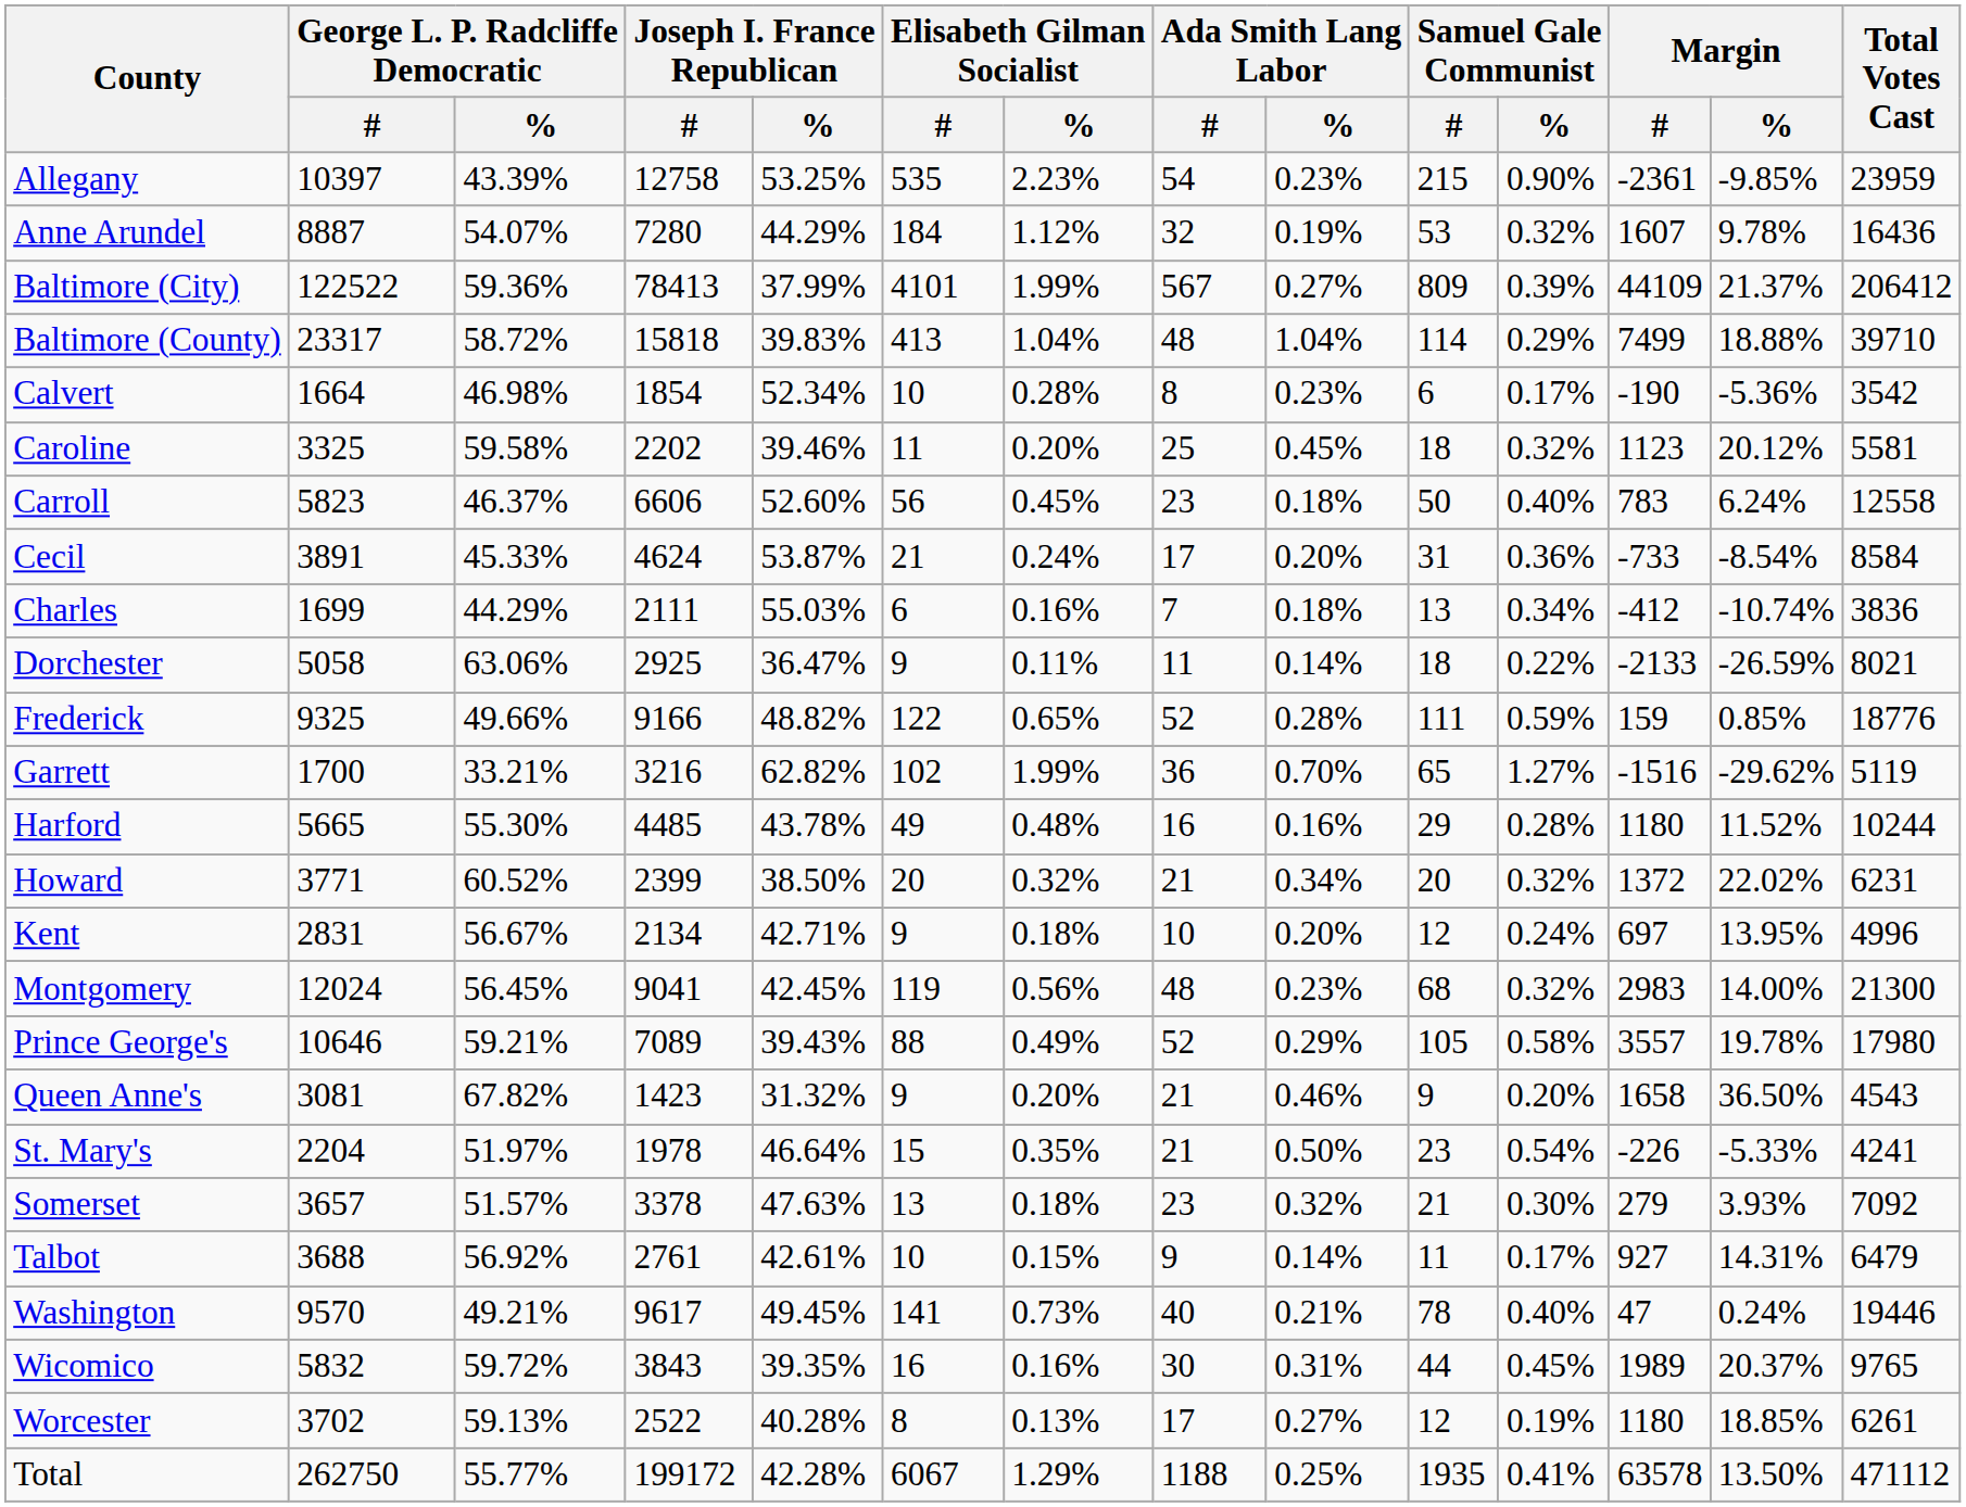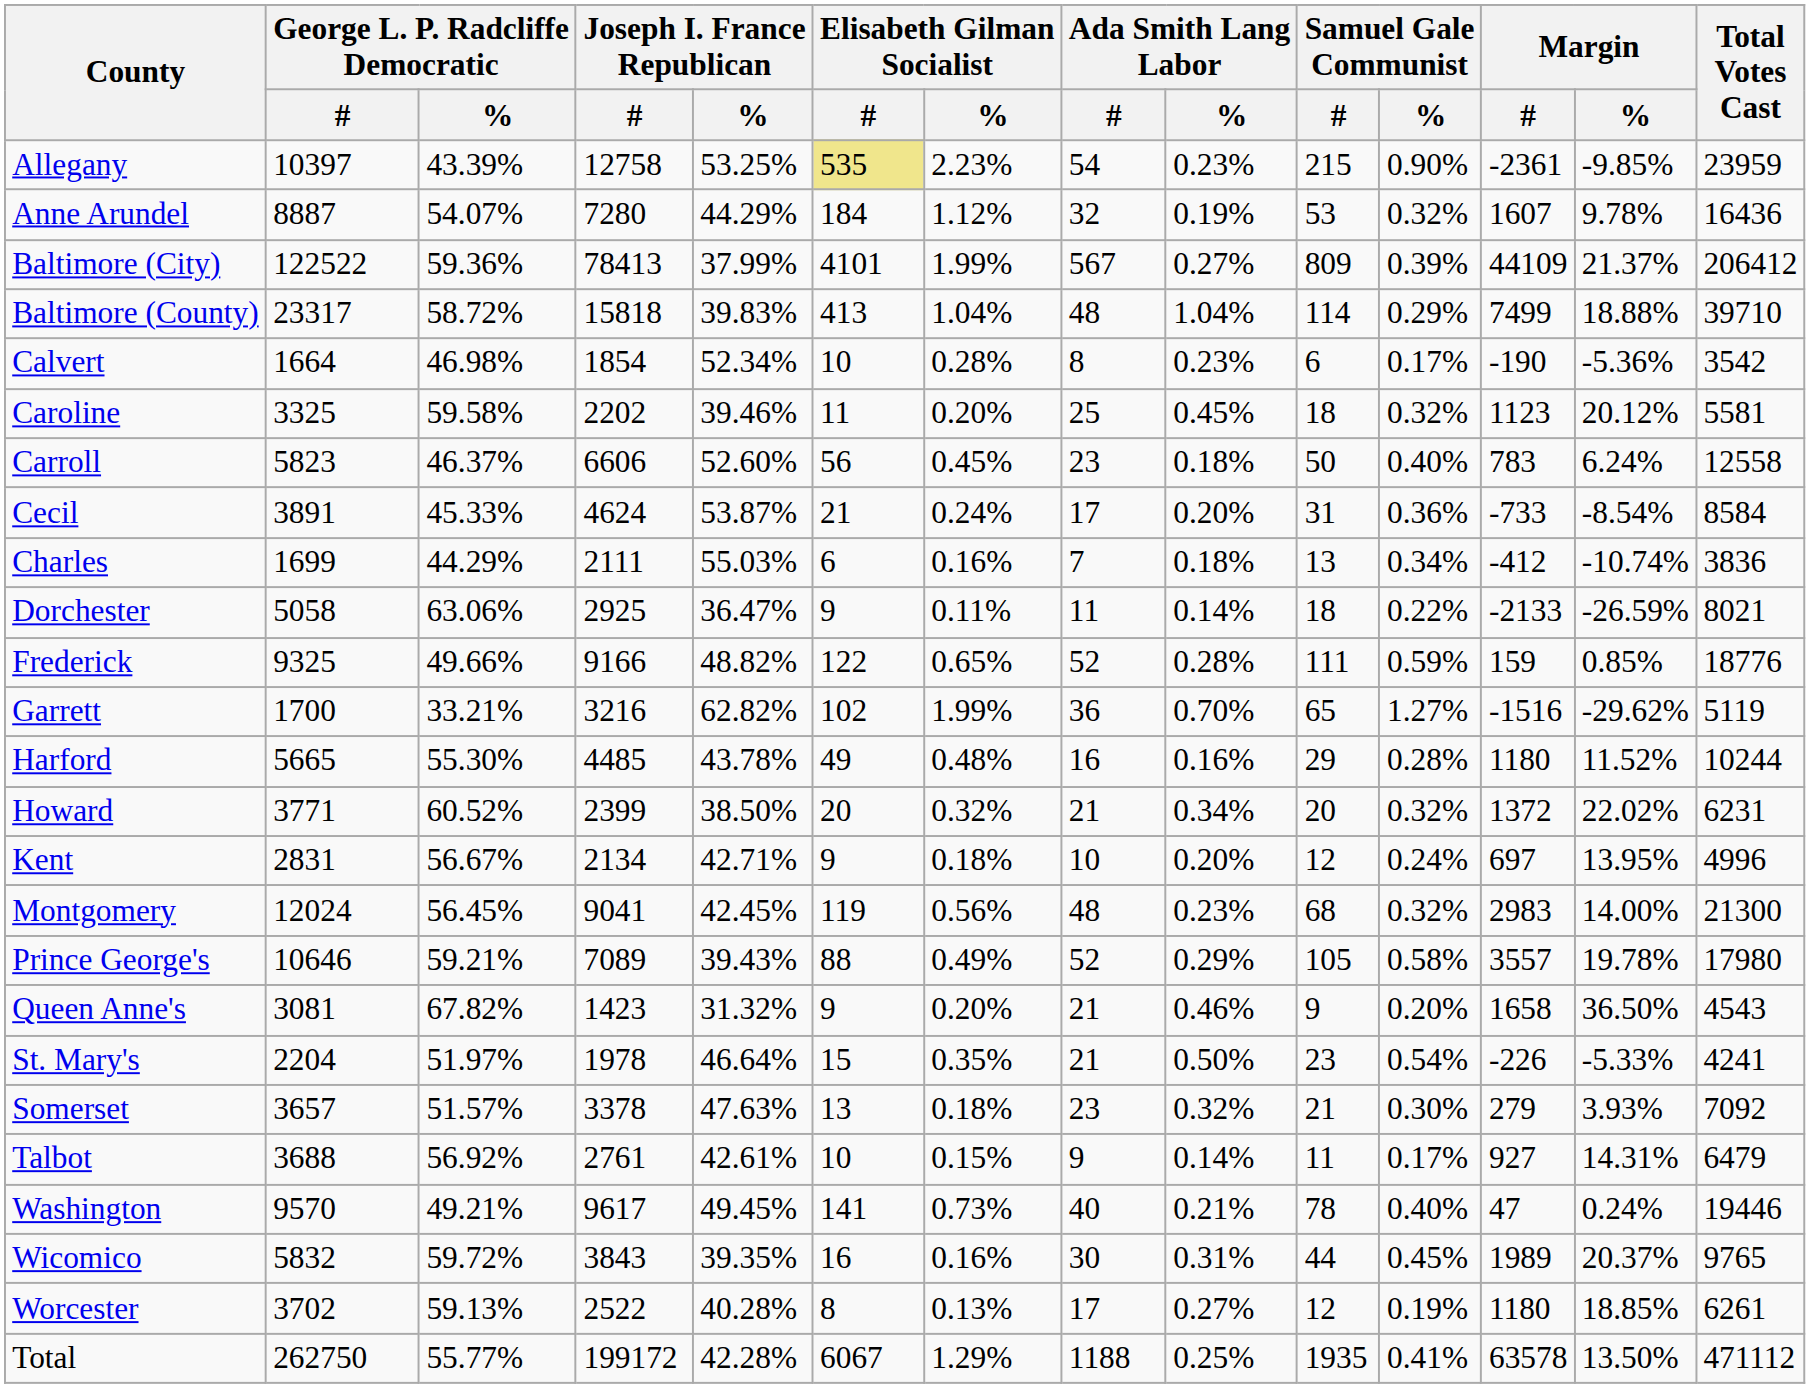 <table class="wikitable sortable">
 <tr>
 <th rowspan="2">County</th>
 <th colspan="2" >George L. P. Radcliffe<br>Democratic</th>
 <th colspan="2" >Joseph I. France<br>Republican</th>
 <th colspan="2" >Elisabeth Gilman<br>Socialist</th>
 <th colspan="2" >Ada Smith Lang<br>Labor</th>
 <th colspan="2" >Samuel Gale<br>Communist</th>
 <th colspan="2">Margin</th>
 <th rowspan="2">Total<br>Votes<br>Cast</th>
 </tr>
 <tr>
 <th>#</th>
 <th>%</th>
 <th>#</th>
 <th>%</th>
 <th>#</th>
 <th>%</th>
 <th>#</th>
 <th>%</th>
 <th>#</th>
 <th>%</th>
 <th>#</th>
 <th>%</th>
 </tr>
 <tr>
 <td><a href='#'>Allegany</a></td>
 <td>10397</td>
 <td>43.39%</td>
 <td>12758</td>
 <td>53.25%</td>
-<td>535</td>
+<td style="background: khaki;">535</td>
 <td>2.23%</td>
 <td>54</td>
 <td>0.23%</td>
 <td>215</td>
 <td>0.90%</td>
 <td>-2361</td>
 <td>-9.85%</td>
 <td>23959</td>
 </tr>
 <tr>
 <td><a href='#'>Anne Arundel</a></td>
 <td>8887</td>
 <td>54.07%</td>
 <td>7280</td>
 <td>44.29%</td>
 <td>184</td>
 <td>1.12%</td>
 <td>32</td>
 <td>0.19%</td>
 <td>53</td>
 <td>0.32%</td>
 <td>1607</td>
 <td>9.78%</td>
 <td>16436</td>
 </tr>
 <tr>
 <td><a href='#'>Baltimore (City)</a></td>
 <td>122522</td>
 <td>59.36%</td>
 <td>78413</td>
 <td>37.99%</td>
 <td>4101</td>
 <td>1.99%</td>
 <td>567</td>
 <td>0.27%</td>
 <td>809</td>
 <td>0.39%</td>
 <td>44109</td>
 <td>21.37%</td>
 <td>206412</td>
 </tr>
 <tr>
 <td><a href='#'>Baltimore (County)</a></td>
 <td>23317</td>
 <td>58.72%</td>
 <td>15818</td>
 <td>39.83%</td>
 <td>413</td>
 <td>1.04%</td>
 <td>48</td>
 <td>1.04%</td>
 <td>114</td>
 <td>0.29%</td>
 <td>7499</td>
 <td>18.88%</td>
 <td>39710</td>
 </tr>
 <tr>
 <td><a href='#'>Calvert</a></td>
 <td>1664</td>
 <td>46.98%</td>
 <td>1854</td>
 <td>52.34%</td>
 <td>10</td>
 <td>0.28%</td>
 <td>8</td>
 <td>0.23%</td>
 <td>6</td>
 <td>0.17%</td>
 <td>-190</td>
 <td>-5.36%</td>
 <td>3542</td>
 </tr>
 <tr>
 <td><a href='#'>Caroline</a></td>
 <td>3325</td>
 <td>59.58%</td>
 <td>2202</td>
 <td>39.46%</td>
 <td>11</td>
 <td>0.20%</td>
 <td>25</td>
 <td>0.45%</td>
 <td>18</td>
 <td>0.32%</td>
 <td>1123</td>
 <td>20.12%</td>
 <td>5581</td>
 </tr>
 <tr>
 <td><a href='#'>Carroll</a></td>
 <td>5823</td>
 <td>46.37%</td>
 <td>6606</td>
 <td>52.60%</td>
 <td>56</td>
 <td>0.45%</td>
 <td>23</td>
 <td>0.18%</td>
 <td>50</td>
 <td>0.40%</td>
 <td>783</td>
 <td>6.24%</td>
 <td>12558</td>
 </tr>
 <tr>
 <td><a href='#'>Cecil</a></td>
 <td>3891</td>
 <td>45.33%</td>
 <td>4624</td>
 <td>53.87%</td>
 <td>21</td>
 <td>0.24%</td>
 <td>17</td>
 <td>0.20%</td>
 <td>31</td>
 <td>0.36%</td>
 <td>-733</td>
 <td>-8.54%</td>
 <td>8584</td>
 </tr>
 <tr>
 <td><a href='#'>Charles</a></td>
 <td>1699</td>
 <td>44.29%</td>
 <td>2111</td>
 <td>55.03%</td>
 <td>6</td>
 <td>0.16%</td>
 <td>7</td>
 <td>0.18%</td>
 <td>13</td>
 <td>0.34%</td>
 <td>-412</td>
 <td>-10.74%</td>
 <td>3836</td>
 </tr>
 <tr>
 <td><a href='#'>Dorchester</a></td>
 <td>5058</td>
 <td>63.06%</td>
 <td>2925</td>
 <td>36.47%</td>
 <td>9</td>
 <td>0.11%</td>
 <td>11</td>
 <td>0.14%</td>
 <td>18</td>
 <td>0.22%</td>
 <td>-2133</td>
 <td>-26.59%</td>
 <td>8021</td>
 </tr>
 <tr>
 <td><a href='#'>Frederick</a></td>
 <td>9325</td>
 <td>49.66%</td>
 <td>9166</td>
 <td>48.82%</td>
 <td>122</td>
 <td>0.65%</td>
 <td>52</td>
 <td>0.28%</td>
 <td>111</td>
 <td>0.59%</td>
 <td>159</td>
 <td>0.85%</td>
 <td>18776</td>
 </tr>
 <tr>
 <td><a href='#'>Garrett</a></td>
 <td>1700</td>
 <td>33.21%</td>
 <td>3216</td>
 <td>62.82%</td>
 <td>102</td>
 <td>1.99%</td>
 <td>36</td>
 <td>0.70%</td>
 <td>65</td>
 <td>1.27%</td>
 <td>-1516</td>
 <td>-29.62%</td>
 <td>5119</td>
 </tr>
 <tr>
 <td><a href='#'>Harford</a></td>
 <td>5665</td>
 <td>55.30%</td>
 <td>4485</td>
 <td>43.78%</td>
 <td>49</td>
 <td>0.48%</td>
 <td>16</td>
 <td>0.16%</td>
 <td>29</td>
 <td>0.28%</td>
 <td>1180</td>
 <td>11.52%</td>
 <td>10244</td>
 </tr>
 <tr>
 <td><a href='#'>Howard</a></td>
 <td>3771</td>
 <td>60.52%</td>
 <td>2399</td>
 <td>38.50%</td>
 <td>20</td>
 <td>0.32%</td>
 <td>21</td>
 <td>0.34%</td>
 <td>20</td>
 <td>0.32%</td>
 <td>1372</td>
 <td>22.02%</td>
 <td>6231</td>
 </tr>
 <tr>
 <td><a href='#'>Kent</a></td>
 <td>2831</td>
 <td>56.67%</td>
 <td>2134</td>
 <td>42.71%</td>
 <td>9</td>
 <td>0.18%</td>
 <td>10</td>
 <td>0.20%</td>
 <td>12</td>
 <td>0.24%</td>
 <td>697</td>
 <td>13.95%</td>
 <td>4996</td>
 </tr>
 <tr>
 <td><a href='#'>Montgomery</a></td>
 <td>12024</td>
 <td>56.45%</td>
 <td>9041</td>
 <td>42.45%</td>
 <td>119</td>
 <td>0.56%</td>
 <td>48</td>
 <td>0.23%</td>
 <td>68</td>
 <td>0.32%</td>
 <td>2983</td>
 <td>14.00%</td>
 <td>21300</td>
 </tr>
 <tr>
 <td><a href='#'>Prince George's</a></td>
 <td>10646</td>
 <td>59.21%</td>
 <td>7089</td>
 <td>39.43%</td>
 <td>88</td>
 <td>0.49%</td>
 <td>52</td>
 <td>0.29%</td>
 <td>105</td>
 <td>0.58%</td>
 <td>3557</td>
 <td>19.78%</td>
 <td>17980</td>
 </tr>
 <tr>
 <td><a href='#'>Queen Anne's</a></td>
 <td>3081</td>
 <td>67.82%</td>
 <td>1423</td>
 <td>31.32%</td>
 <td>9</td>
 <td>0.20%</td>
 <td>21</td>
 <td>0.46%</td>
 <td>9</td>
 <td>0.20%</td>
 <td>1658</td>
 <td>36.50%</td>
 <td>4543</td>
 </tr>
 <tr>
 <td><a href='#'>St. Mary's</a></td>
 <td>2204</td>
 <td>51.97%</td>
 <td>1978</td>
 <td>46.64%</td>
 <td>15</td>
 <td>0.35%</td>
 <td>21</td>
 <td>0.50%</td>
 <td>23</td>
 <td>0.54%</td>
 <td>-226</td>
 <td>-5.33%</td>
 <td>4241</td>
 </tr>
 <tr>
 <td><a href='#'>Somerset</a></td>
 <td>3657</td>
 <td>51.57%</td>
 <td>3378</td>
 <td>47.63%</td>
 <td>13</td>
 <td>0.18%</td>
 <td>23</td>
 <td>0.32%</td>
 <td>21</td>
 <td>0.30%</td>
 <td>279</td>
 <td>3.93%</td>
 <td>7092</td>
 </tr>
 <tr>
 <td><a href='#'>Talbot</a></td>
 <td>3688</td>
 <td>56.92%</td>
 <td>2761</td>
 <td>42.61%</td>
 <td>10</td>
 <td>0.15%</td>
 <td>9</td>
 <td>0.14%</td>
 <td>11</td>
 <td>0.17%</td>
 <td>927</td>
 <td>14.31%</td>
 <td>6479</td>
 </tr>
 <tr>
 <td><a href='#'>Washington</a></td>
 <td>9570</td>
 <td>49.21%</td>
 <td>9617</td>
 <td>49.45%</td>
 <td>141</td>
 <td>0.73%</td>
 <td>40</td>
 <td>0.21%</td>
 <td>78</td>
 <td>0.40%</td>
 <td>47</td>
 <td>0.24%</td>
 <td>19446</td>
 </tr>
 <tr>
 <td><a href='#'>Wicomico</a></td>
 <td>5832</td>
 <td>59.72%</td>
 <td>3843</td>
 <td>39.35%</td>
 <td>16</td>
 <td>0.16%</td>
 <td>30</td>
 <td>0.31%</td>
 <td>44</td>
 <td>0.45%</td>
 <td>1989</td>
 <td>20.37%</td>
 <td>9765</td>
 </tr>
 <tr>
 <td><a href='#'>Worcester</a></td>
 <td>3702</td>
 <td>59.13%</td>
 <td>2522</td>
 <td>40.28%</td>
 <td>8</td>
 <td>0.13%</td>
 <td>17</td>
 <td>0.27%</td>
 <td>12</td>
 <td>0.19%</td>
 <td>1180</td>
 <td>18.85%</td>
 <td>6261</td>
 </tr>
 <tr>
 <td>Total</td>
 <td>262750</td>
 <td>55.77%</td>
 <td>199172</td>
 <td>42.28%</td>
 <td>6067</td>
 <td>1.29%</td>
 <td>1188</td>
 <td>0.25%</td>
 <td>1935</td>
 <td>0.41%</td>
 <td>63578</td>
 <td>13.50%</td>
 <td>471112</td>
 </tr>
 </table>
